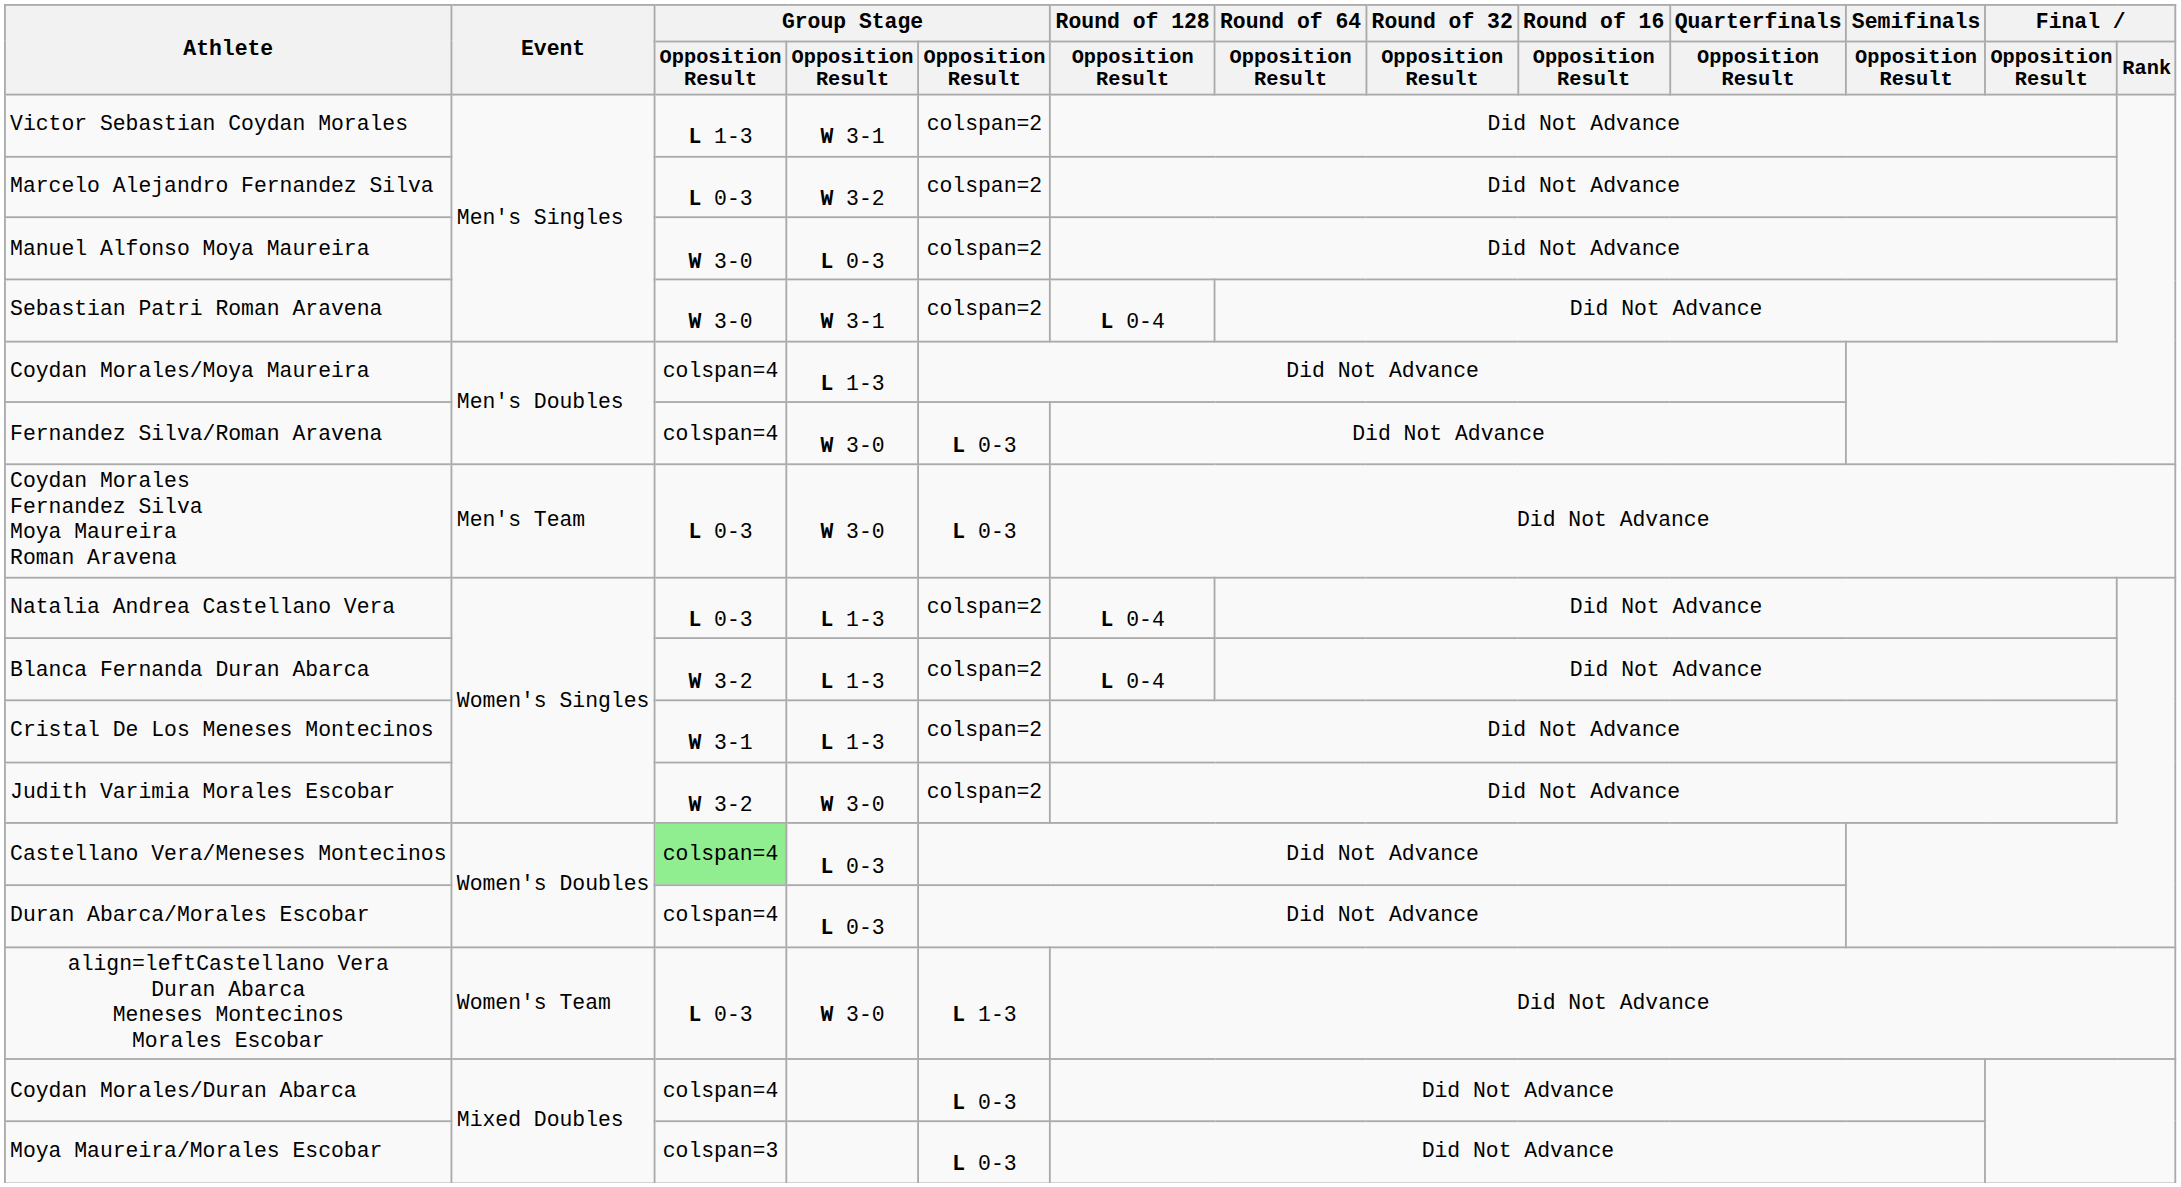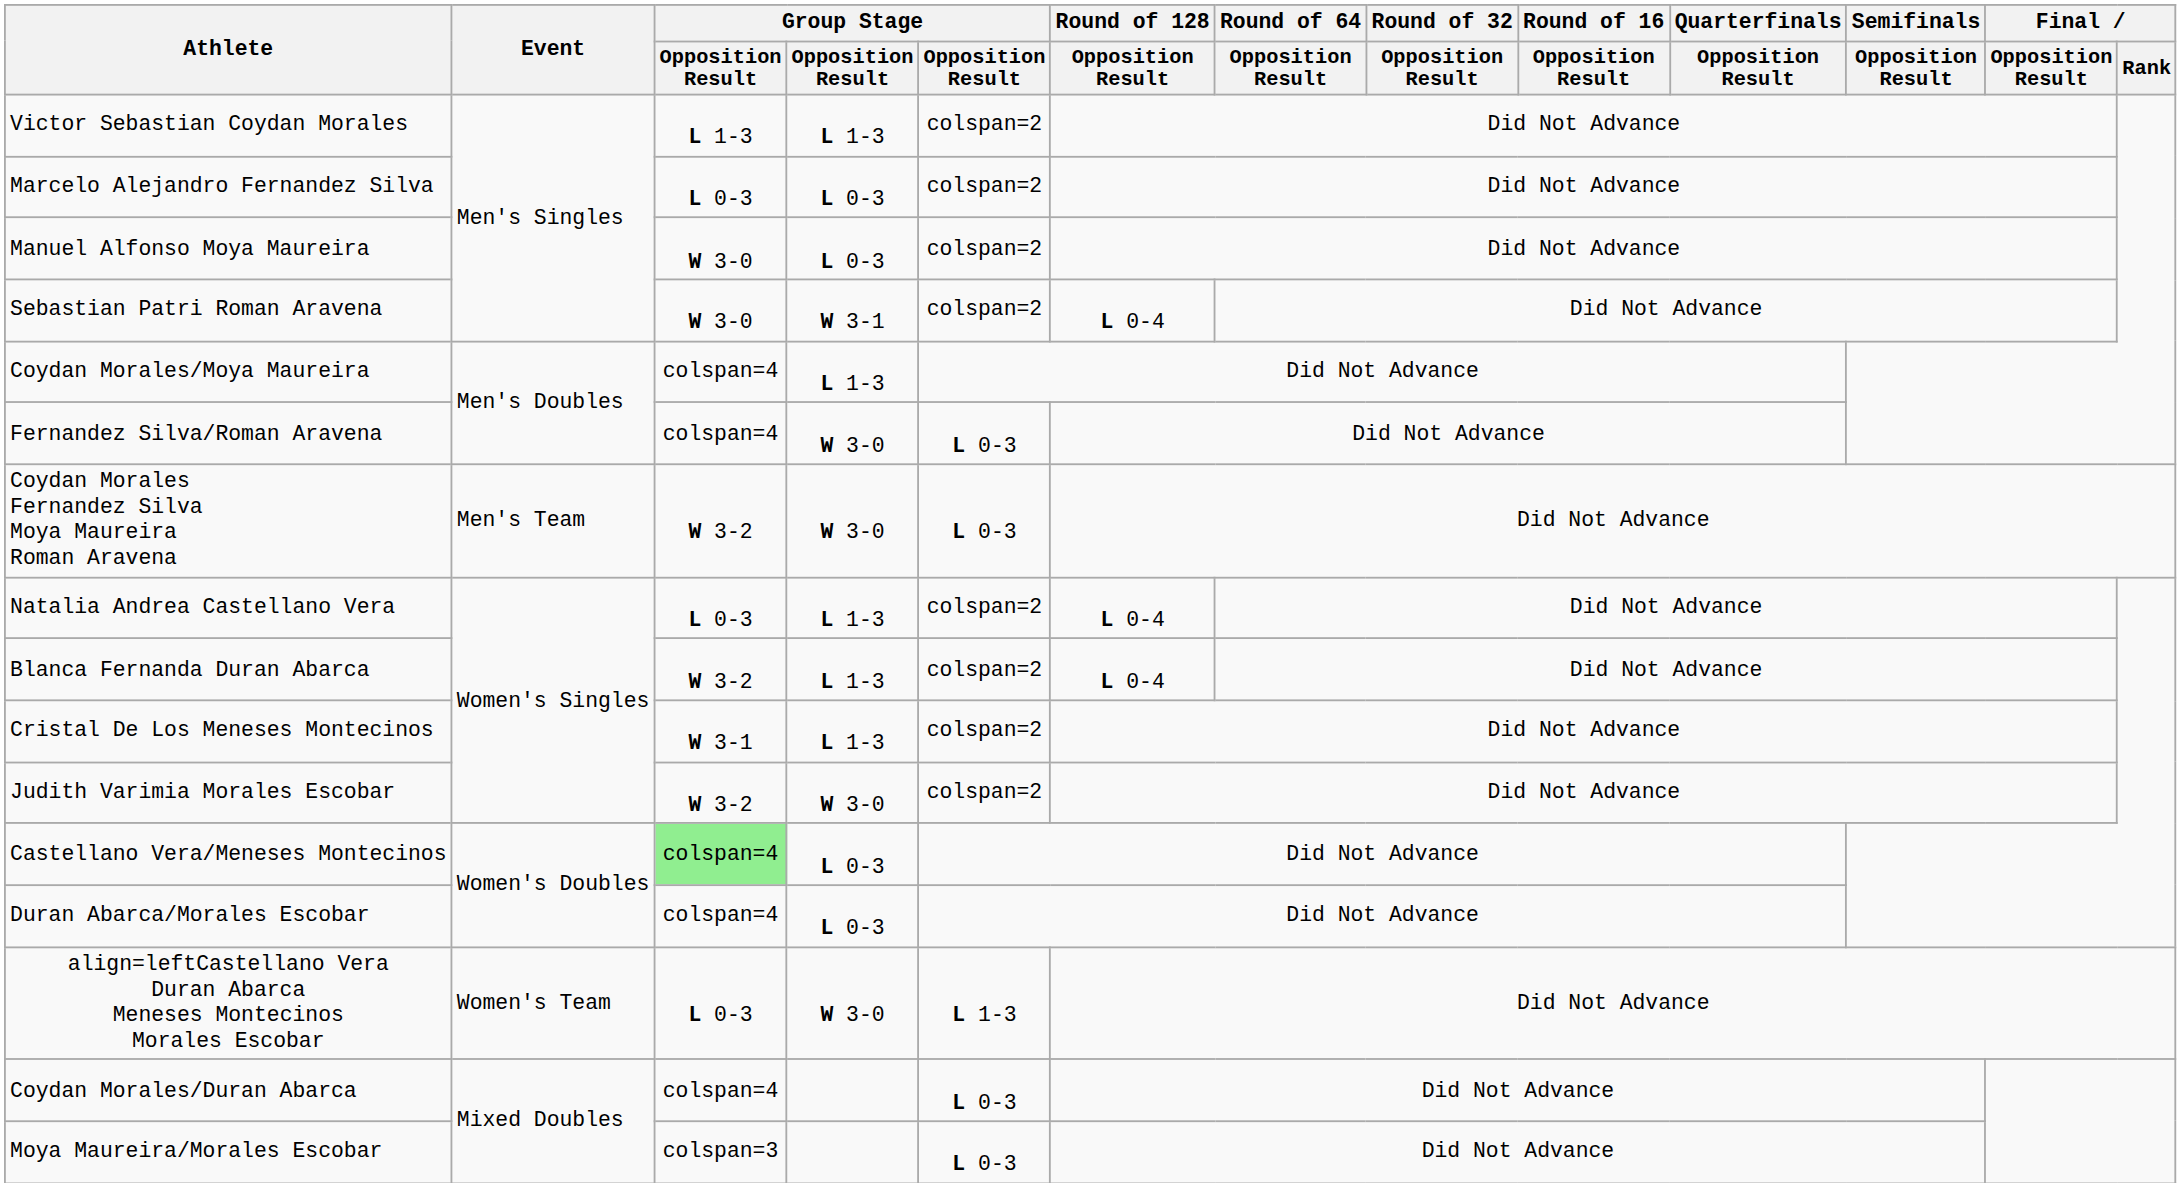 <table class="wikitable" style="font-size:90%;">
 <tr>
 <th rowspan=2>Athlete</th>
 <th rowspan=2>Event</th>
 <th colspan=3>Group Stage</th>
 <th>Round of 128</th>
 <th>Round of 64</th>
 <th>Round of 32</th>
 <th>Round of 16</th>
 <th>Quarterfinals</th>
 <th>Semifinals</th>
 <th colspan=2>Final / </th>
 </tr>
 <tr style="font-size:95%">
 <th>Opposition<br>Result</th>
 <th>Opposition<br>Result</th>
 <th>Opposition<br>Result</th>
 <th>Opposition<br>Result</th>
 <th>Opposition<br>Result</th>
 <th>Opposition<br>Result</th>
 <th>Opposition<br>Result</th>
 <th>Opposition<br>Result</th>
 <th>Opposition<br>Result</th>
 <th>Opposition<br>Result</th>
 <th>Rank</th>
 </tr>
 <tr align=center>
 <td align=left>Victor Sebastian Coydan Morales</td>
 <td align=left rowspan=4>Men's Singles</td>
 <td><br><strong>L</strong> 1-3</td>
-<td><br><strong>W</strong> 3-1</td>
+<td><br><strong>L</strong> 1-3</td>
 <td>colspan=2 </td>
 <td colspan=7>Did Not Advance</td>
 </tr>
 <tr align=center>
 <td align=left>Marcelo Alejandro Fernandez Silva</td>
 <td><br><strong>L</strong> 0-3</td>
-<td><br><strong>W</strong> 3-2</td>
+<td><br><strong>L</strong> 0-3</td>
 <td>colspan=2 </td>
 <td colspan=7>Did Not Advance</td>
 </tr>
 <tr align=center>
 <td align=left>Manuel Alfonso Moya Maureira</td>
 <td><br><strong>W</strong> 3-0</td>
 <td><br><strong>L</strong> 0-3</td>
 <td>colspan=2 </td>
 <td colspan=7>Did Not Advance</td>
 </tr>
 <tr align=center>
 <td align=left>Sebastian Patri Roman Aravena</td>
 <td><br><strong>W</strong> 3-0</td>
 <td><br><strong>W</strong> 3-1</td>
 <td>colspan=2 </td>
 <td><br><strong>L</strong> 0-4</td>
 <td colspan=6>Did Not Advance</td>
 </tr>
 <tr align=center>
 <td align=left>Coydan Morales/Moya Maureira</td>
 <td align=left rowspan=2>Men's Doubles</td>
 <td>colspan=4 </td>
 <td><br><strong>L</strong> 1-3</td>
 <td colspan=6>Did Not Advance</td>
 </tr>
 <tr align=center>
 <td align=left>Fernandez Silva/Roman Aravena</td>
 <td>colspan=4 </td>
 <td><br><strong>W</strong> 3-0</td>
 <td><br><strong>L</strong> 0-3</td>
 <td colspan=5>Did Not Advance</td>
 </tr>
 <tr align=center>
 <td align=left>Coydan Morales<br>Fernandez Silva<br>Moya Maureira<br>Roman Aravena</td>
 <td align=left>Men's Team</td>
-<td><br><strong>L</strong> 0-3</td>
+<td><br><strong>W</strong> 3-2</td>
 <td><br><strong>W</strong> 3-0</td>
 <td><br><strong>L</strong> 0-3</td>
 <td colspan=8>Did Not Advance</td>
 </tr>
 <tr align=center>
 <td align=left>Natalia Andrea Castellano Vera</td>
 <td align=left rowspan=4>Women's Singles</td>
 <td><br><strong>L</strong> 0-3</td>
 <td><br><strong>L</strong> 1-3</td>
 <td>colspan=2 </td>
 <td><br><strong>L</strong> 0-4</td>
 <td colspan=6>Did Not Advance</td>
 </tr>
 <tr align=center>
 <td align=left>Blanca Fernanda Duran Abarca</td>
 <td><br><strong>W</strong> 3-2</td>
 <td><br><strong>L</strong> 1-3</td>
 <td>colspan=2 </td>
 <td><br><strong>L</strong> 0-4</td>
 <td colspan=6>Did Not Advance</td>
 </tr>
 <tr align=center>
 <td align=left>Cristal De Los Meneses Montecinos</td>
 <td><br><strong>W</strong> 3-1</td>
 <td><br><strong>L</strong> 1-3</td>
 <td>colspan=2 </td>
 <td colspan=7>Did Not Advance</td>
 </tr>
 <tr align=center>
 <td align=left>Judith Varimia Morales Escobar</td>
 <td><br><strong>W</strong> 3-2</td>
 <td><br><strong>W</strong> 3-0</td>
 <td>colspan=2 </td>
 <td colspan=7>Did Not Advance</td>
 </tr>
 <tr align=center>
 <td align=left>Castellano Vera/Meneses Montecinos</td>
 <td align=left rowspan=2>Women's Doubles</td>
 <td style="background: lightgreen;">colspan=4 </td>
 <td><br><strong>L</strong> 0-3</td>
 <td colspan=6>Did Not Advance</td>
 </tr>
 <tr align=center>
 <td align=left>Duran Abarca/Morales Escobar</td>
 <td>colspan=4 </td>
 <td><br><strong>L</strong> 0-3</td>
 <td colspan=6>Did Not Advance</td>
 </tr>
 <tr align=center>
 <td>align=leftCastellano Vera<br>Duran Abarca<br>Meneses Montecinos<br>Morales Escobar</td>
 <td align=left>Women's Team</td>
 <td><br><strong>L</strong> 0-3</td>
 <td><br><strong>W</strong> 3-0</td>
 <td><br><strong>L</strong> 1-3</td>
 <td colspan=8>Did Not Advance</td>
 </tr>
 <tr align=center>
 <td align=left>Coydan Morales/Duran Abarca</td>
 <td align=left rowspan=2>Mixed Doubles</td>
 <td>colspan=4 </td>
 <td></td>
 <td><br><strong>L</strong> 0-3</td>
 <td colspan=6>Did Not Advance</td>
 </tr>
 <tr align=center>
 <td align=left>Moya Maureira/Morales Escobar</td>
 <td>colspan=3 </td>
 <td></td>
 <td><br><strong>L</strong> 0-3</td>
 <td colspan=6>Did Not Advance</td>
 </tr>
 </table>
